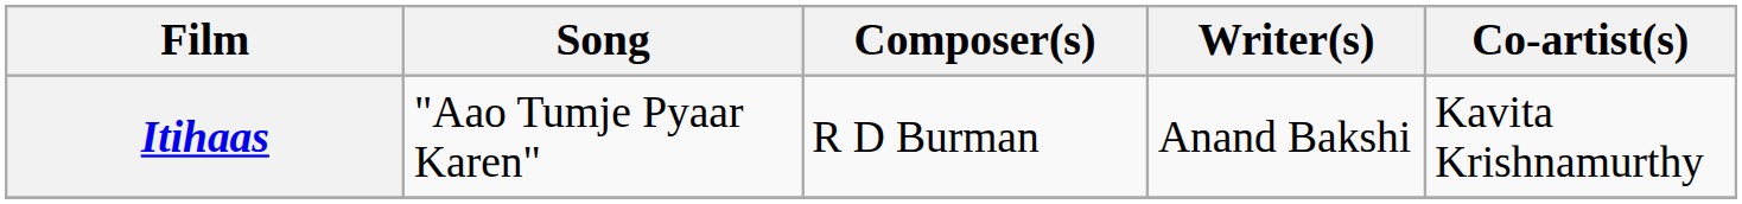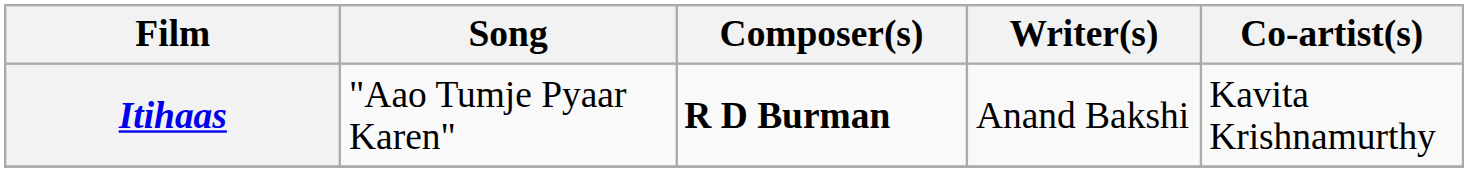 <table class="wikitable plainrowheaders" style="width:100%;" textcolor:#000;">
 <tr style="background:#b0e0e66;">
 <th scope="col" style="width:23%;"><strong>Film</strong></th>
 <th scope="col" style="width:23%;"><strong>Song</strong></th>
 <th scope="col" style="width:20%;"><strong>Composer(s)</strong></th>
 <th scope="col" style="width:16%;"><strong>Writer(s)</strong></th>
 <th scope="col" style="width:18%;"><strong>Co-artist(s)</strong></th>
 </tr>
 <tr>
 <th><em><a href='#'>Itihaas</a></em></th>
 <td>"Aao Tumje Pyaar Karen"</td>
-<td>R D Burman</td>
+<td><strong>R D Burman</strong></td>
 <td>Anand Bakshi</td>
 <td>Kavita Krishnamurthy</td>
 </tr>
 <tr>
 </tr>
 </table>
